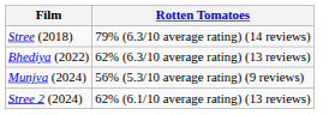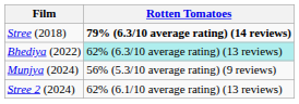 <table class="wikitable sortable">
 <tr>
 <th>Film</th>
 <th><a href='#'>Rotten Tomatoes</a></th>
 </tr>
 <tr>
 <td><em><a href='#'>Stree</a></em> (2018)</td>
-<td>79% (6.3/10 average rating) (14 reviews)</td>
+<td><strong>79% (6.3/10 average rating) (14 reviews)</strong></td>
 </tr>
 <tr>
 <td><em><a href='#'>Bhediya</a></em> (2022)</td>
-<td>62% (6.3/10 average rating) (13 reviews)</td>
+<td style="background: paleturquoise;">62% (6.3/10 average rating) (13 reviews)</td>
 </tr>
 <tr>
 <td><em><a href='#'>Munjya</a></em> (2024)</td>
 <td>56% (5.3/10 average rating) (9 reviews)</td>
 </tr>
 <tr>
 <td><em><a href='#'>Stree 2</a></em> (2024)</td>
 <td>62% (6.1/10 average rating) (13 reviews)</td>
 </tr>
 </table>
